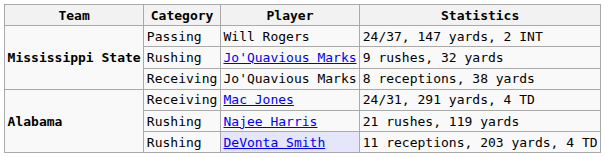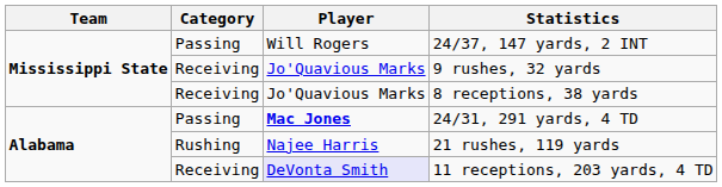 <table class="wikitable" style="float: left;">
 <tr>
 <th>Team</th>
 <th>Category</th>
 <th>Player</th>
 <th>Statistics</th>
 </tr>
 <tr>
 <td rowspan=3><strong>Mississippi State</strong></td>
 <td>Passing</td>
 <td>Will Rogers</td>
 <td>24/37, 147 yards, 2 INT</td>
 </tr>
 <tr>
-<td>Rushing</td>
+<td>Receiving</td>
 <td><a href='#'>Jo'Quavious Marks</a></td>
 <td>9 rushes, 32 yards</td>
 </tr>
 <tr>
 <td>Receiving</td>
 <td>Jo'Quavious Marks</td>
 <td>8 receptions, 38 yards</td>
 </tr>
 <tr>
 <td rowspan=3><strong>Alabama</strong></td>
-<td>Receiving</td>
-<td><a href='#'>Mac Jones</a></td>
+<td>Passing</td>
+<td><strong><a href='#'>Mac Jones</a></strong></td>
 <td>24/31, 291 yards, 4 TD</td>
 </tr>
 <tr>
 <td>Rushing</td>
 <td><a href='#'>Najee Harris</a></td>
 <td>21 rushes, 119 yards</td>
 </tr>
 <tr>
-<td>Rushing</td>
+<td>Receiving</td>
 <td style="background: lavender;"><a href='#'>DeVonta Smith</a></td>
 <td>11 receptions, 203 yards, 4 TD</td>
 </tr>
 </table>
